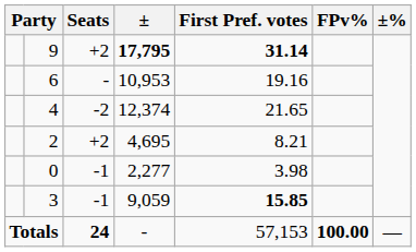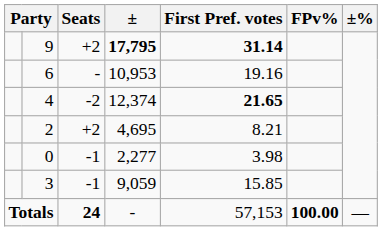 <table class=wikitable>
 <tr>
 <th colspan=2 align=center>Party</th>
 <th valign=top>Seats</th>
 <th valign=top>±</th>
 <th valign=top>First Pref. votes</th>
 <th valign=top>FPv%</th>
 <th valign=top>±%</th>
 </tr>
 <tr>
 <td></td>
 <td align=right>9</td>
 <td align=right>+2</td>
 <td align=right><strong>17,795</strong></td>
 <td align=right><strong>31.14</strong></td>
 <td align=right></td>
 </tr>
 <tr>
 <td></td>
 <td align=right>6</td>
 <td align=right>-</td>
 <td align=right>10,953</td>
 <td align=right>19.16</td>
 <td align=right></td>
 </tr>
 <tr>
 <td></td>
 <td align=right>4</td>
 <td align=right>-2</td>
 <td align=right>12,374</td>
-<td align=right>21.65</td>
+<td align=right><strong>21.65</strong></td>
 <td align=right></td>
 </tr>
 <tr>
 <td></td>
 <td align=right>2</td>
 <td align=right>+2</td>
 <td align=right>4,695</td>
 <td align=right>8.21</td>
 <td align=right></td>
 </tr>
 <tr>
 <td></td>
 <td align=right>0</td>
 <td align=right>-1</td>
 <td align=right>2,277</td>
 <td align=right>3.98</td>
 <td align=right></td>
 </tr>
 <tr>
 <td></td>
 <td align=right>3</td>
 <td align=right>-1</td>
 <td align=right>9,059</td>
-<td align=right><strong>15.85</strong></td>
+<td align=right>15.85</td>
 <td align=right></td>
 </tr>
 <tr>
 <td colspan=2 align=center><strong>Totals</strong></td>
 <td align=right><strong>24</strong></td>
 <td align=center>-</td>
 <td align=right>57,153</td>
 <td align=center><strong>100.00</strong></td>
 <td align=center>—</td>
 </tr>
 </table>
